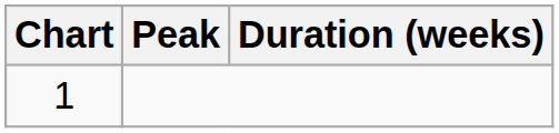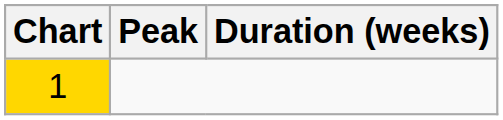 <table class="wikitable plainrowheaders" style="text-align:center;">
 <tr>
 <th scope="col">Chart</th>
 <th scope="col">Peak</th>
 <th scope="col">Duration (weeks)</th>
 </tr>
 <tr>
-<td>1</td>
+<td style="background: gold;">1</td>
 </tr>
 </table>
